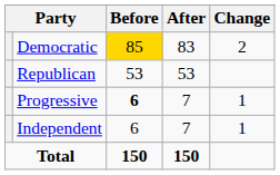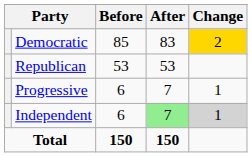 <table class="wikitable" style="text-align:center;">
 <tr>
 </tr>
 <tr>
 <th colspan=2>Party</th>
 <th>Before</th>
 <th>After</th>
 <th>Change</th>
 </tr>
 <tr>
 <th style="background-color:"></th>
 <td style="text-align:left;"><a href='#'>Democratic</a></td>
-<td style="background: gold;">85</td>
+<td>85</td>
 <td>83</td>
-<td> 2</td>
+<td style="background: gold;"> 2</td>
 </tr>
 <tr>
 <th style="background-color:"></th>
 <td style="text-align:left;"><a href='#'>Republican</a></td>
 <td>53</td>
 <td>53</td>
 <td></td>
 </tr>
 <tr>
 <th style="background-color:"></th>
 <td style="text-align:left;"><a href='#'>Progressive</a></td>
-<td><strong>6</strong></td>
+<td>6</td>
 <td>7</td>
 <td> 1</td>
 </tr>
 <tr>
 <th style="background-color:"></th>
 <td style="text-align:left;"><a href='#'>Independent</a></td>
 <td>6</td>
-<td>7</td>
-<td> 1</td>
+<td style="background: lightgreen;">7</td>
+<td style="background: lightgrey;"> 1</td>
 </tr>
 <tr>
 <td colspan=2><strong>Total</strong></td>
 <td><strong>150</strong></td>
 <td><strong>150</strong></td>
 <td></td>
 </tr>
 </table>
